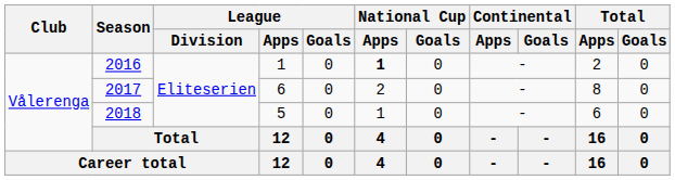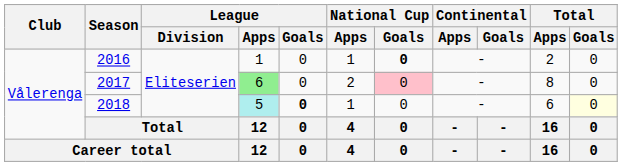 <table class="wikitable" style="text-align: center;">
 <tr>
 <th rowspan="2">Club</th>
 <th rowspan="2">Season</th>
 <th colspan="3">League</th>
 <th colspan="2">National Cup</th>
 <th colspan="2">Continental</th>
 <th colspan="2">Total</th>
 </tr>
 <tr>
 <th>Division</th>
 <th>Apps</th>
 <th>Goals</th>
 <th>Apps</th>
 <th>Goals</th>
 <th>Apps</th>
 <th>Goals</th>
 <th>Apps</th>
 <th>Goals</th>
 </tr>
 <tr>
 <td rowspan="4" valign="center"><a href='#'>Vålerenga</a></td>
 <td><a href='#'>2016</a></td>
 <td rowspan="3" valign="center"><a href='#'>Eliteserien</a></td>
 <td>1</td>
 <td>0</td>
-<td><strong>1</strong></td>
-<td>0</td>
+<td>1</td>
+<td><strong>0</strong></td>
 <td colspan="2">-</td>
 <td>2</td>
 <td>0</td>
 </tr>
 <tr>
 <td><a href='#'>2017</a></td>
-<td>6</td>
+<td style="background: lightgreen;">6</td>
 <td>0</td>
 <td>2</td>
-<td>0</td>
+<td style="background: pink;">0</td>
 <td colspan="2">-</td>
 <td>8</td>
 <td>0</td>
 </tr>
 <tr>
 <td><a href='#'>2018</a></td>
-<td>5</td>
-<td>0</td>
+<td style="background: paleturquoise;">5</td>
+<td><strong>0</strong></td>
 <td>1</td>
 <td>0</td>
 <td colspan="2">-</td>
 <td>6</td>
-<td>0</td>
+<td style="background: lightyellow;">0</td>
 </tr>
 <tr>
 <th colspan="2">Total</th>
 <th>12</th>
 <th>0</th>
 <th>4</th>
 <th>0</th>
 <th>-</th>
 <th>-</th>
 <th>16</th>
 <th>0</th>
 </tr>
 <tr>
 <th colspan="3">Career total</th>
 <th>12</th>
 <th>0</th>
 <th>4</th>
 <th>0</th>
 <th>-</th>
 <th>-</th>
 <th>16</th>
 <th>0</th>
 </tr>
 </table>
